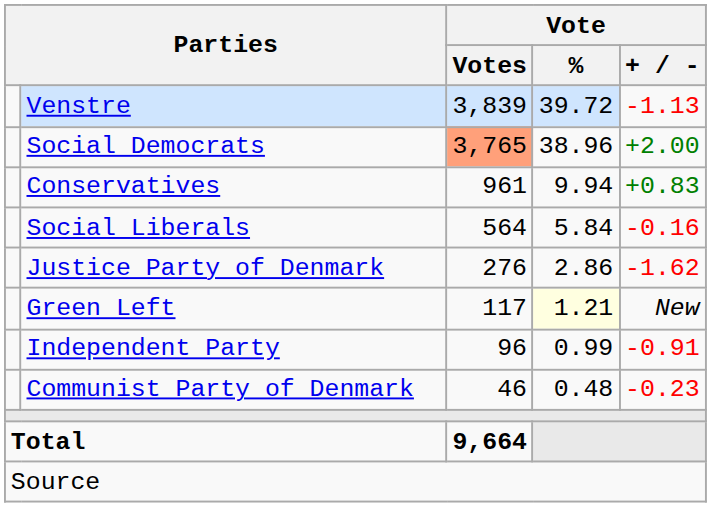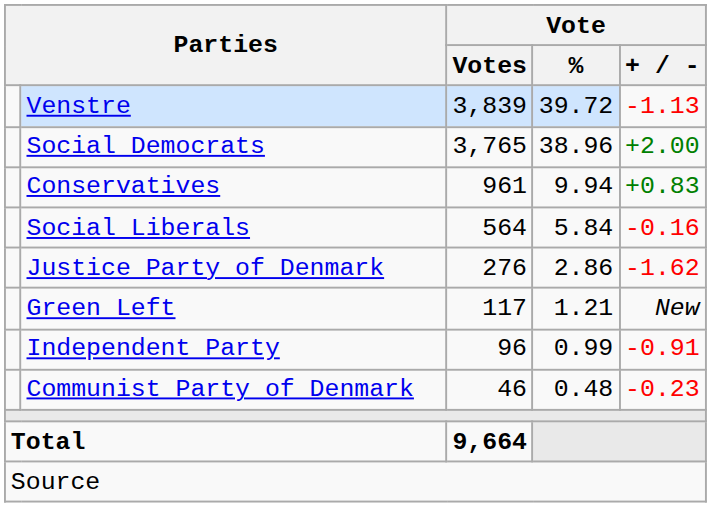 <table class="wikitable" style="text-align:right;">
 <tr>
 <th style="text-align:centre;" rowspan="2" colspan="2" width="225">Parties</th>
 <th colspan="3">Vote</th>
 </tr>
 <tr>
 <th width="15">Votes</th>
 <th width="15">%</th>
 <th width="15">+ / -</th>
 </tr>
 <tr>
 <td width="2" style="color:inherit;background:"></td>
 <td bgcolor=#cfe5fe  align="left"><a href='#'>Venstre</a></td>
 <td bgcolor=#cfe5fe>3,839</td>
 <td bgcolor=#cfe5fe>39.72</td>
 <td style=color:red;>-1.13</td>
 </tr>
 <tr>
 <td width="2" style="color:inherit;background:"></td>
 <td align="left"><a href='#'>Social Democrats</a></td>
-<td style="background: lightsalmon;">3,765</td>
+<td>3,765</td>
 <td>38.96</td>
 <td style=color:green;>+2.00</td>
 </tr>
 <tr>
 <td width="2" style="color:inherit;background:"></td>
 <td align="left"><a href='#'>Conservatives</a></td>
 <td>961</td>
 <td>9.94</td>
 <td style=color:green;>+0.83</td>
 </tr>
 <tr>
 <td width="2" style="color:inherit;background:"></td>
 <td align="left"><a href='#'>Social Liberals</a></td>
 <td>564</td>
 <td>5.84</td>
 <td style=color:red;>-0.16</td>
 </tr>
 <tr>
 <td width="2" style="color:inherit;background:"></td>
 <td align="left"><a href='#'>Justice Party of Denmark</a></td>
 <td>276</td>
 <td>2.86</td>
 <td style=color:red;>-1.62</td>
 </tr>
 <tr>
 <td width="2" style="color:inherit;background:"></td>
 <td align="left"><a href='#'>Green Left</a></td>
 <td>117</td>
-<td style="background: lightyellow;">1.21</td>
+<td>1.21</td>
 <td><em>New</em></td>
 </tr>
 <tr>
 <td width="2" style="color:inherit;background:"></td>
 <td align="left"><a href='#'>Independent Party</a></td>
 <td>96</td>
 <td>0.99</td>
 <td style=color:red;>-0.91</td>
 </tr>
 <tr>
 <td width="2" style="color:inherit;background:"></td>
 <td align="left"><a href='#'>Communist Party of Denmark</a></td>
 <td>46</td>
 <td>0.48</td>
 <td style=color:red;>-0.23</td>
 </tr>
 <tr>
 <td colspan="7" bgcolor="#E9E9E9"></td>
 </tr>
 <tr>
 <td align="left" colspan="2"><strong>Total</strong></td>
 <td><strong>9,664</strong></td>
 <td bgcolor="#E9E9E9" colspan="2"></td>
 </tr>
 <tr>
 <td align="left" colspan="6">Source</td>
 </tr>
 </table>
